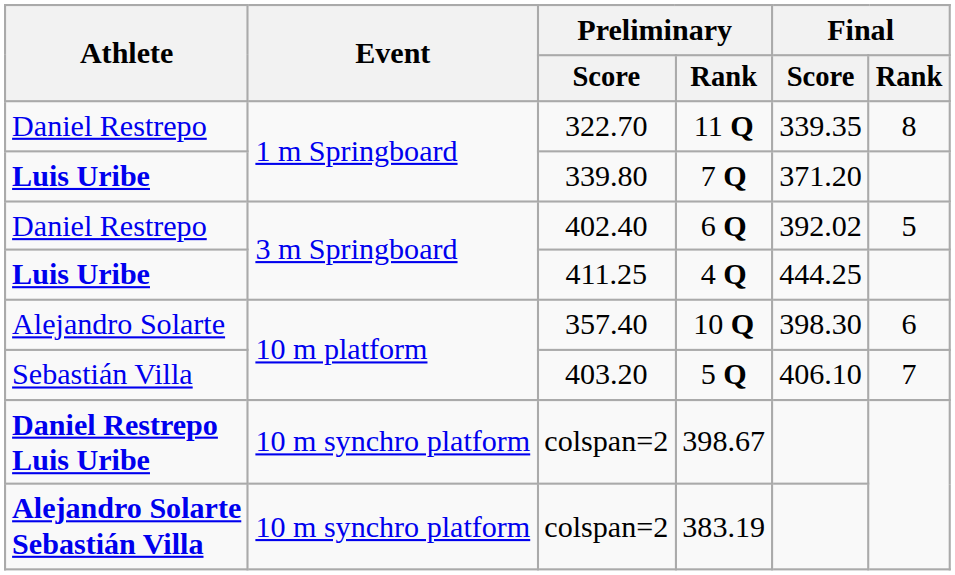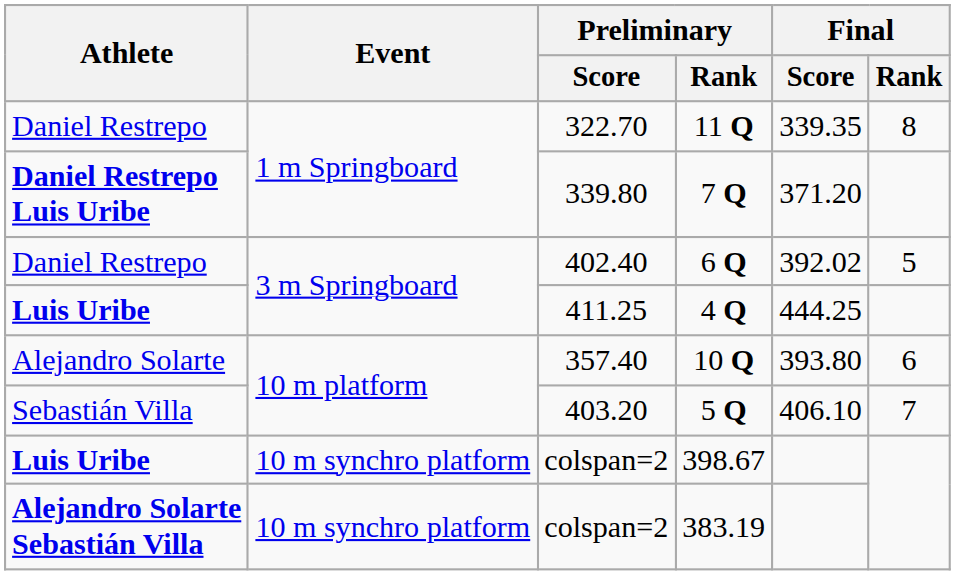 <table class=wikitable style=font-size:90%;text-align:center>
 <tr>
 <th rowspan=2>Athlete</th>
 <th rowspan=2>Event</th>
 <th colspan=2>Preliminary</th>
 <th colspan=2>Final</th>
 </tr>
 <tr style=font-size:95%>
 <th>Score</th>
 <th>Rank</th>
 <th>Score</th>
 <th>Rank</th>
 </tr>
 <tr>
 <td align="left"><a href='#'>Daniel Restrepo</a></td>
 <td rowspan="2" align="left"><a href='#'>1 m Springboard</a></td>
 <td>322.70</td>
 <td>11 <strong>Q</strong></td>
 <td>339.35</td>
 <td>8</td>
 </tr>
 <tr>
-<td align="left"><strong><a href='#'>Luis Uribe</a></strong></td>
+<td align=left><strong><a href='#'>Daniel Restrepo</a><br><a href='#'>Luis Uribe</a></strong></td>
 <td>339.80</td>
 <td>7 <strong>Q</strong></td>
 <td>371.20</td>
 <td></td>
 </tr>
 <tr>
 <td align="left"><a href='#'>Daniel Restrepo</a></td>
 <td rowspan="2" align="left"><a href='#'>3 m Springboard</a></td>
 <td>402.40</td>
 <td>6 <strong>Q</strong></td>
 <td>392.02</td>
 <td>5</td>
 </tr>
 <tr>
 <td align="left"><strong><a href='#'>Luis Uribe</a></strong></td>
 <td>411.25</td>
 <td>4 <strong>Q</strong></td>
 <td>444.25</td>
 <td></td>
 </tr>
 <tr>
 <td align="left"><a href='#'>Alejandro Solarte</a></td>
 <td rowspan="2" align="left"><a href='#'>10 m platform</a></td>
 <td>357.40</td>
 <td>10 <strong>Q</strong></td>
-<td>398.30</td>
+<td>393.80</td>
 <td>6</td>
 </tr>
 <tr>
 <td align="left"><a href='#'>Sebastián Villa</a></td>
 <td>403.20</td>
 <td>5 <strong>Q</strong></td>
 <td>406.10</td>
 <td>7</td>
 </tr>
 <tr>
-<td align=left><strong><a href='#'>Daniel Restrepo</a><br><a href='#'>Luis Uribe</a></strong></td>
+<td align="left"><strong><a href='#'>Luis Uribe</a></strong></td>
 <td align=left><a href='#'>10 m synchro platform</a></td>
 <td>colspan=2 </td>
 <td>398.67</td>
 <td></td>
 </tr>
 <tr>
 <td align=left><strong><a href='#'>Alejandro Solarte</a><br><a href='#'>Sebastián Villa</a></strong></td>
 <td align=left><a href='#'>10 m synchro platform</a></td>
 <td>colspan=2 </td>
 <td>383.19</td>
 <td></td>
 </tr>
 </table>
